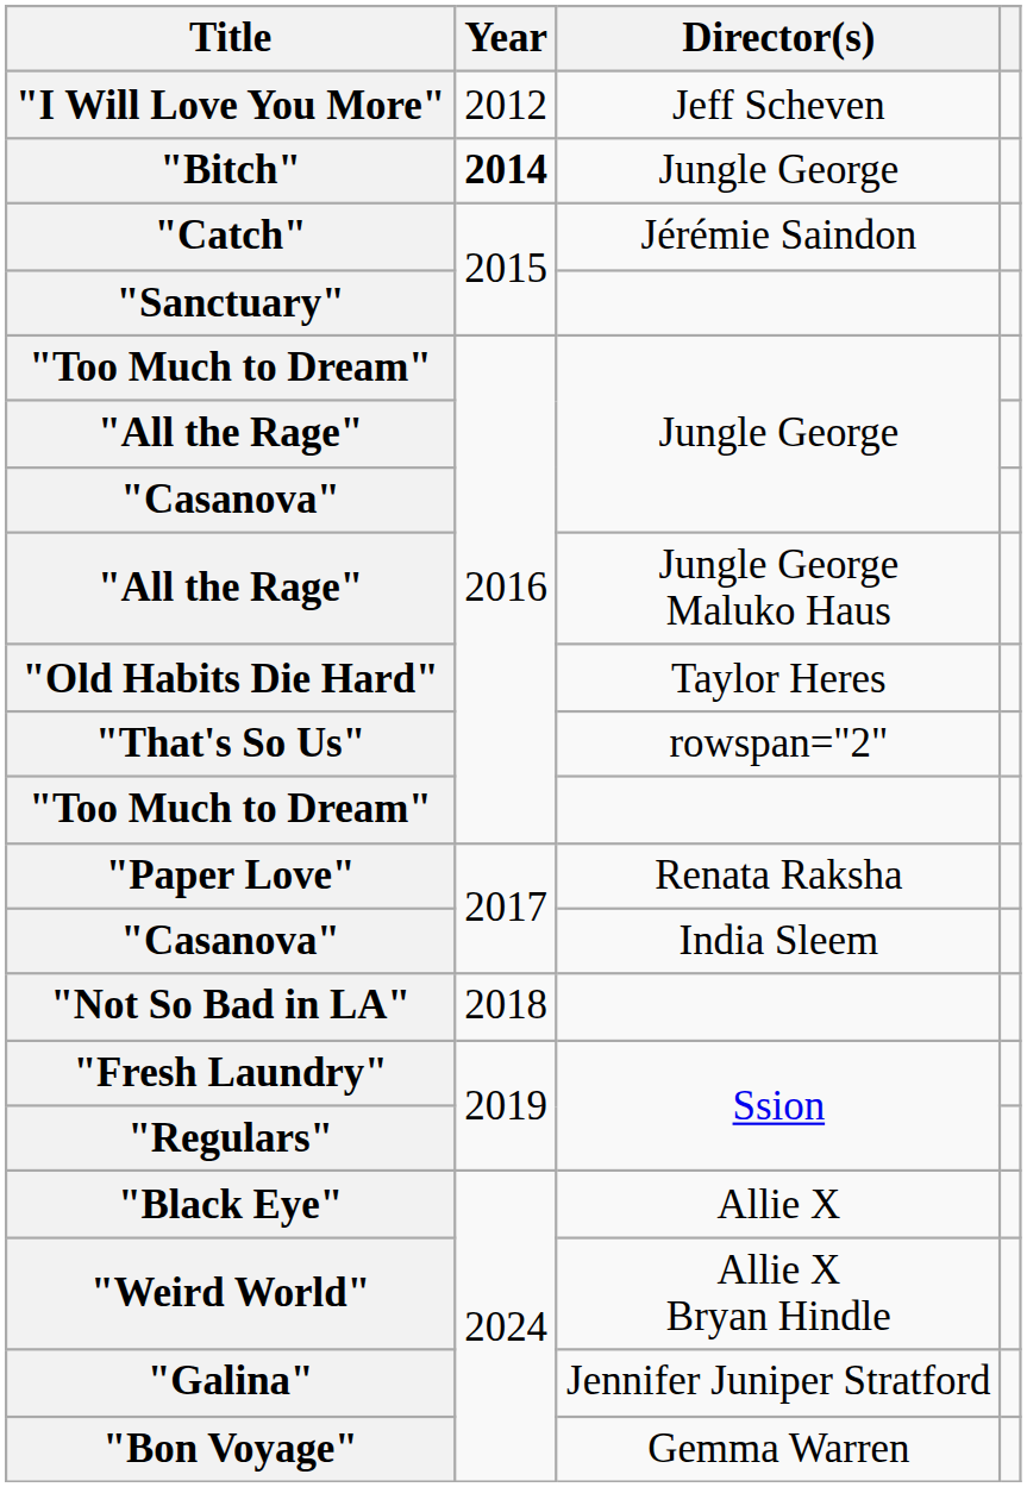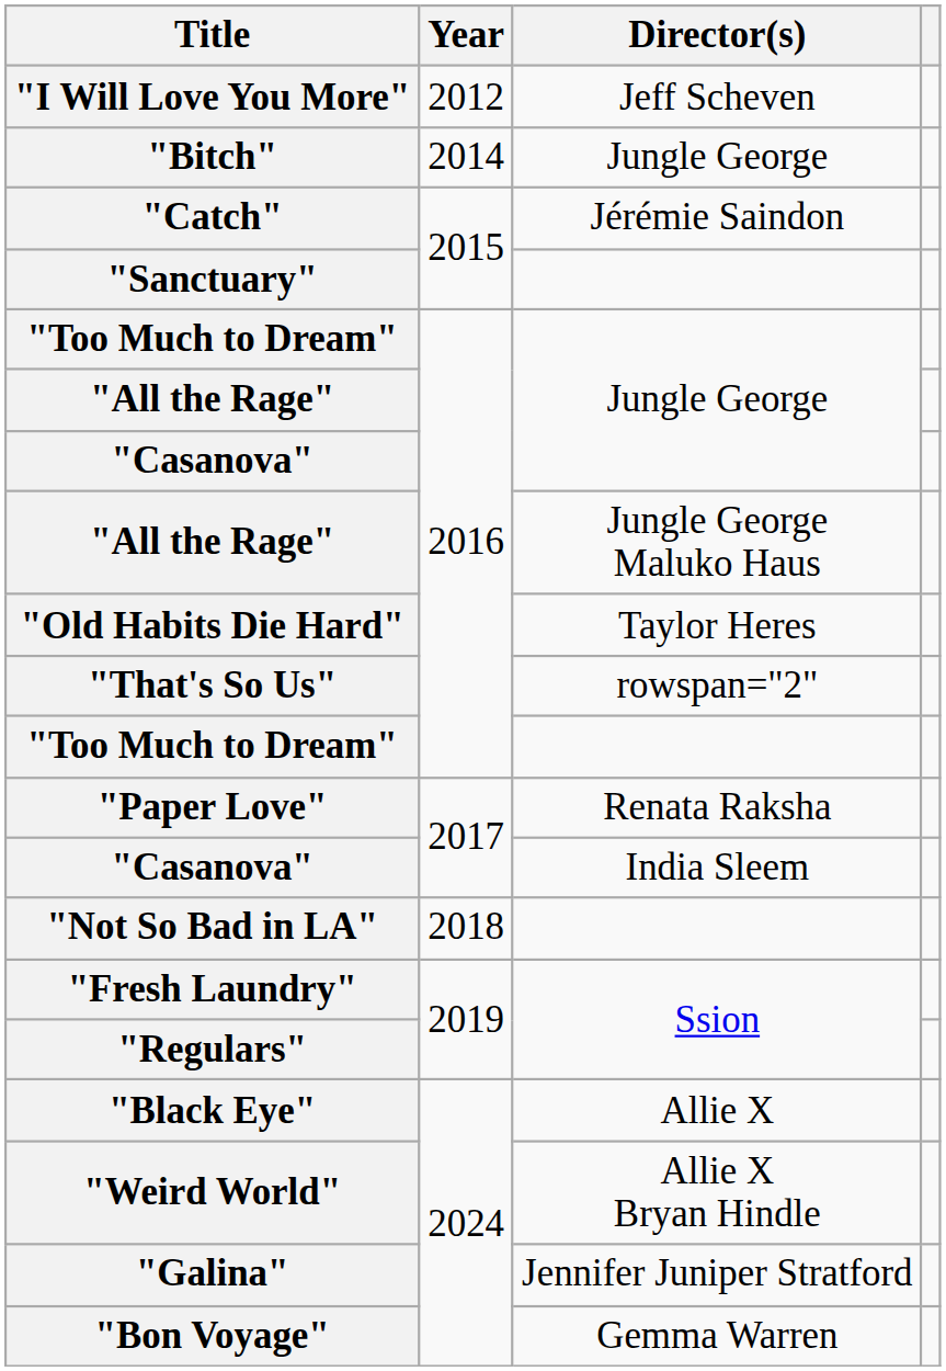 <table class="wikitable plainrowheaders" style="text-align:center">
 <tr>
 <th scope="col">Title</th>
 <th scope="col">Year</th>
 <th scope="col">Director(s)</th>
 <th scope="col"></th>
 </tr>
 <tr>
 <th scope="row">"I Will Love You More"</th>
 <td>2012</td>
 <td>Jeff Scheven</td>
 <td></td>
 </tr>
 <tr>
 <th scope="row">"Bitch"</th>
-<td><strong>2014</strong></td>
+<td>2014</td>
 <td>Jungle George</td>
 <td></td>
 </tr>
 <tr>
 <th scope="row">"Catch"</th>
 <td rowspan="2">2015</td>
 <td>Jérémie Saindon</td>
 <td></td>
 </tr>
 <tr>
 <th scope="row">"Sanctuary" </th>
 <td></td>
 <td></td>
 </tr>
 <tr>
 <th scope="row">"Too Much to Dream"</th>
 <td rowspan="7">2016</td>
 <td rowspan="3">Jungle George</td>
 <td></td>
 </tr>
 <tr>
 <th scope="row">"All the Rage" </th>
 <td></td>
 </tr>
 <tr>
 <th scope="row">"Casanova" </th>
 <td></td>
 </tr>
 <tr>
 <th scope="row">"All the Rage"</th>
 <td>Jungle George<br>Maluko Haus</td>
 <td></td>
 </tr>
 <tr>
 <th scope="row">"Old Habits Die Hard" </th>
 <td>Taylor Heres</td>
 <td></td>
 </tr>
 <tr>
 <th scope="row">"That's So Us" </th>
 <td>rowspan="2" </td>
 <td></td>
 </tr>
 <tr>
 <th scope="row">"Too Much to Dream" </th>
 <td></td>
 </tr>
 <tr>
 <th scope="row">"Paper Love"</th>
 <td rowspan="2">2017</td>
 <td>Renata Raksha</td>
 <td></td>
 </tr>
 <tr>
 <th scope="row">"Casanova" </th>
 <td>India Sleem</td>
 <td></td>
 </tr>
 <tr>
 <th scope="row">"Not So Bad in LA"</th>
 <td>2018</td>
 <td></td>
 <td></td>
 </tr>
 <tr>
 <th scope="row">"Fresh Laundry"</th>
 <td rowspan="2">2019</td>
 <td rowspan="2"><a href='#'>Ssion</a></td>
 <td></td>
 </tr>
 <tr>
 <th scope="row">"Regulars"</th>
 <td></td>
 </tr>
 <tr>
 <th scope="row">"Black Eye"</th>
 <td rowspan="4">2024</td>
 <td>Allie X</td>
 <td></td>
 </tr>
 <tr>
 <th scope="row">"Weird World"</th>
 <td>Allie X<br>Bryan Hindle</td>
 <td></td>
 </tr>
 <tr>
 <th scope="row">"Galina" </th>
 <td>Jennifer Juniper Stratford</td>
 <td></td>
 </tr>
 <tr>
 <th scope="row">"Bon Voyage"</th>
 <td>Gemma Warren</td>
 <td></td>
 </tr>
 </table>
